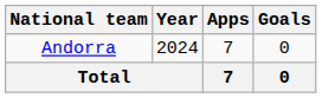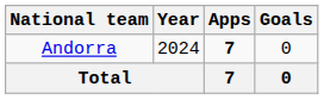 <table class="wikitable" style="text-align:center">
 <tr>
 <th>National team</th>
 <th>Year</th>
 <th>Apps</th>
 <th>Goals</th>
 </tr>
 <tr>
 <td><a href='#'>Andorra</a></td>
 <td>2024</td>
-<td>7</td>
+<td><strong>7</strong></td>
 <td>0</td>
 </tr>
 <tr>
 <th colspan="2">Total</th>
 <th>7</th>
 <th>0</th>
 </tr>
 </table>
